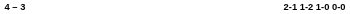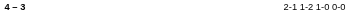 <table width=100% cellspacing=1>
 <tr>
 <th width=20%></th>
 <th width=12%></th>
 <th width=20%></th>
 <th width=33%></th>
 <td></td>
 </tr>
 <tr style=font-size:90%>
 <td align=right><strong></strong></td>
 <td align=center><strong>4 – 3</strong></td>
 <td></td>
-<td><strong>2-1 1-2 1-0 0-0</strong></td>
+<td>2-1 1-2 1-0 0-0</td>
 </tr>
 </table>
